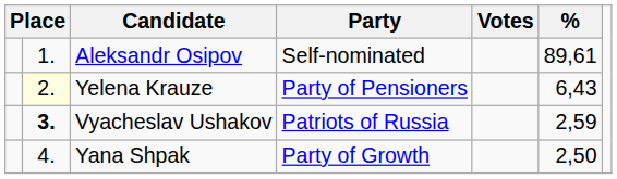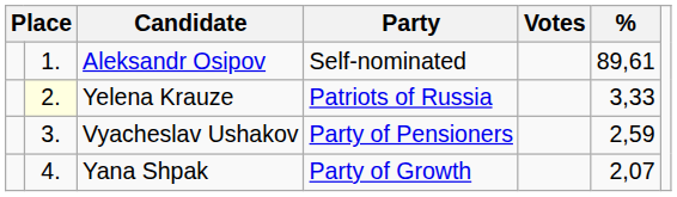 <table class="wikitable">
 <tr>
 <th colspan="2">Place</th>
 <th>Candidate</th>
 <th>Party</th>
 <th>Votes</th>
 <th>%</th>
 <td rowspan = 5></td>
 </tr>
 <tr>
 <td></td>
 <td align=center>1.</td>
 <td><a href='#'>Aleksandr Osipov</a></td>
 <td>Self-nominated</td>
 <td align=right></td>
 <td align=right>89,61</td>
 </tr>
 <tr>
 <td></td>
 <td align=center style="background: lightyellow;">2.</td>
 <td>Yelena Krauze</td>
-<td><a href='#'>Party of Pensioners</a></td>
+<td><a href='#'>Patriots of Russia</a></td>
 <td align=right></td>
-<td align=right>6,43</td>
+<td align=right>3,33</td>
 </tr>
 <tr>
 <td></td>
-<td align=center><strong>3.</strong></td>
+<td align=center>3.</td>
 <td>Vyacheslav Ushakov</td>
-<td><a href='#'>Patriots of Russia</a></td>
+<td><a href='#'>Party of Pensioners</a></td>
 <td align=right></td>
 <td align=right>2,59</td>
 </tr>
 <tr>
 <td></td>
 <td align=center>4.</td>
 <td>Yana Shpak</td>
 <td><a href='#'>Party of Growth</a></td>
 <td align=right></td>
-<td align=right>2,50</td>
+<td align=right>2,07</td>
 </tr>
 </table>
